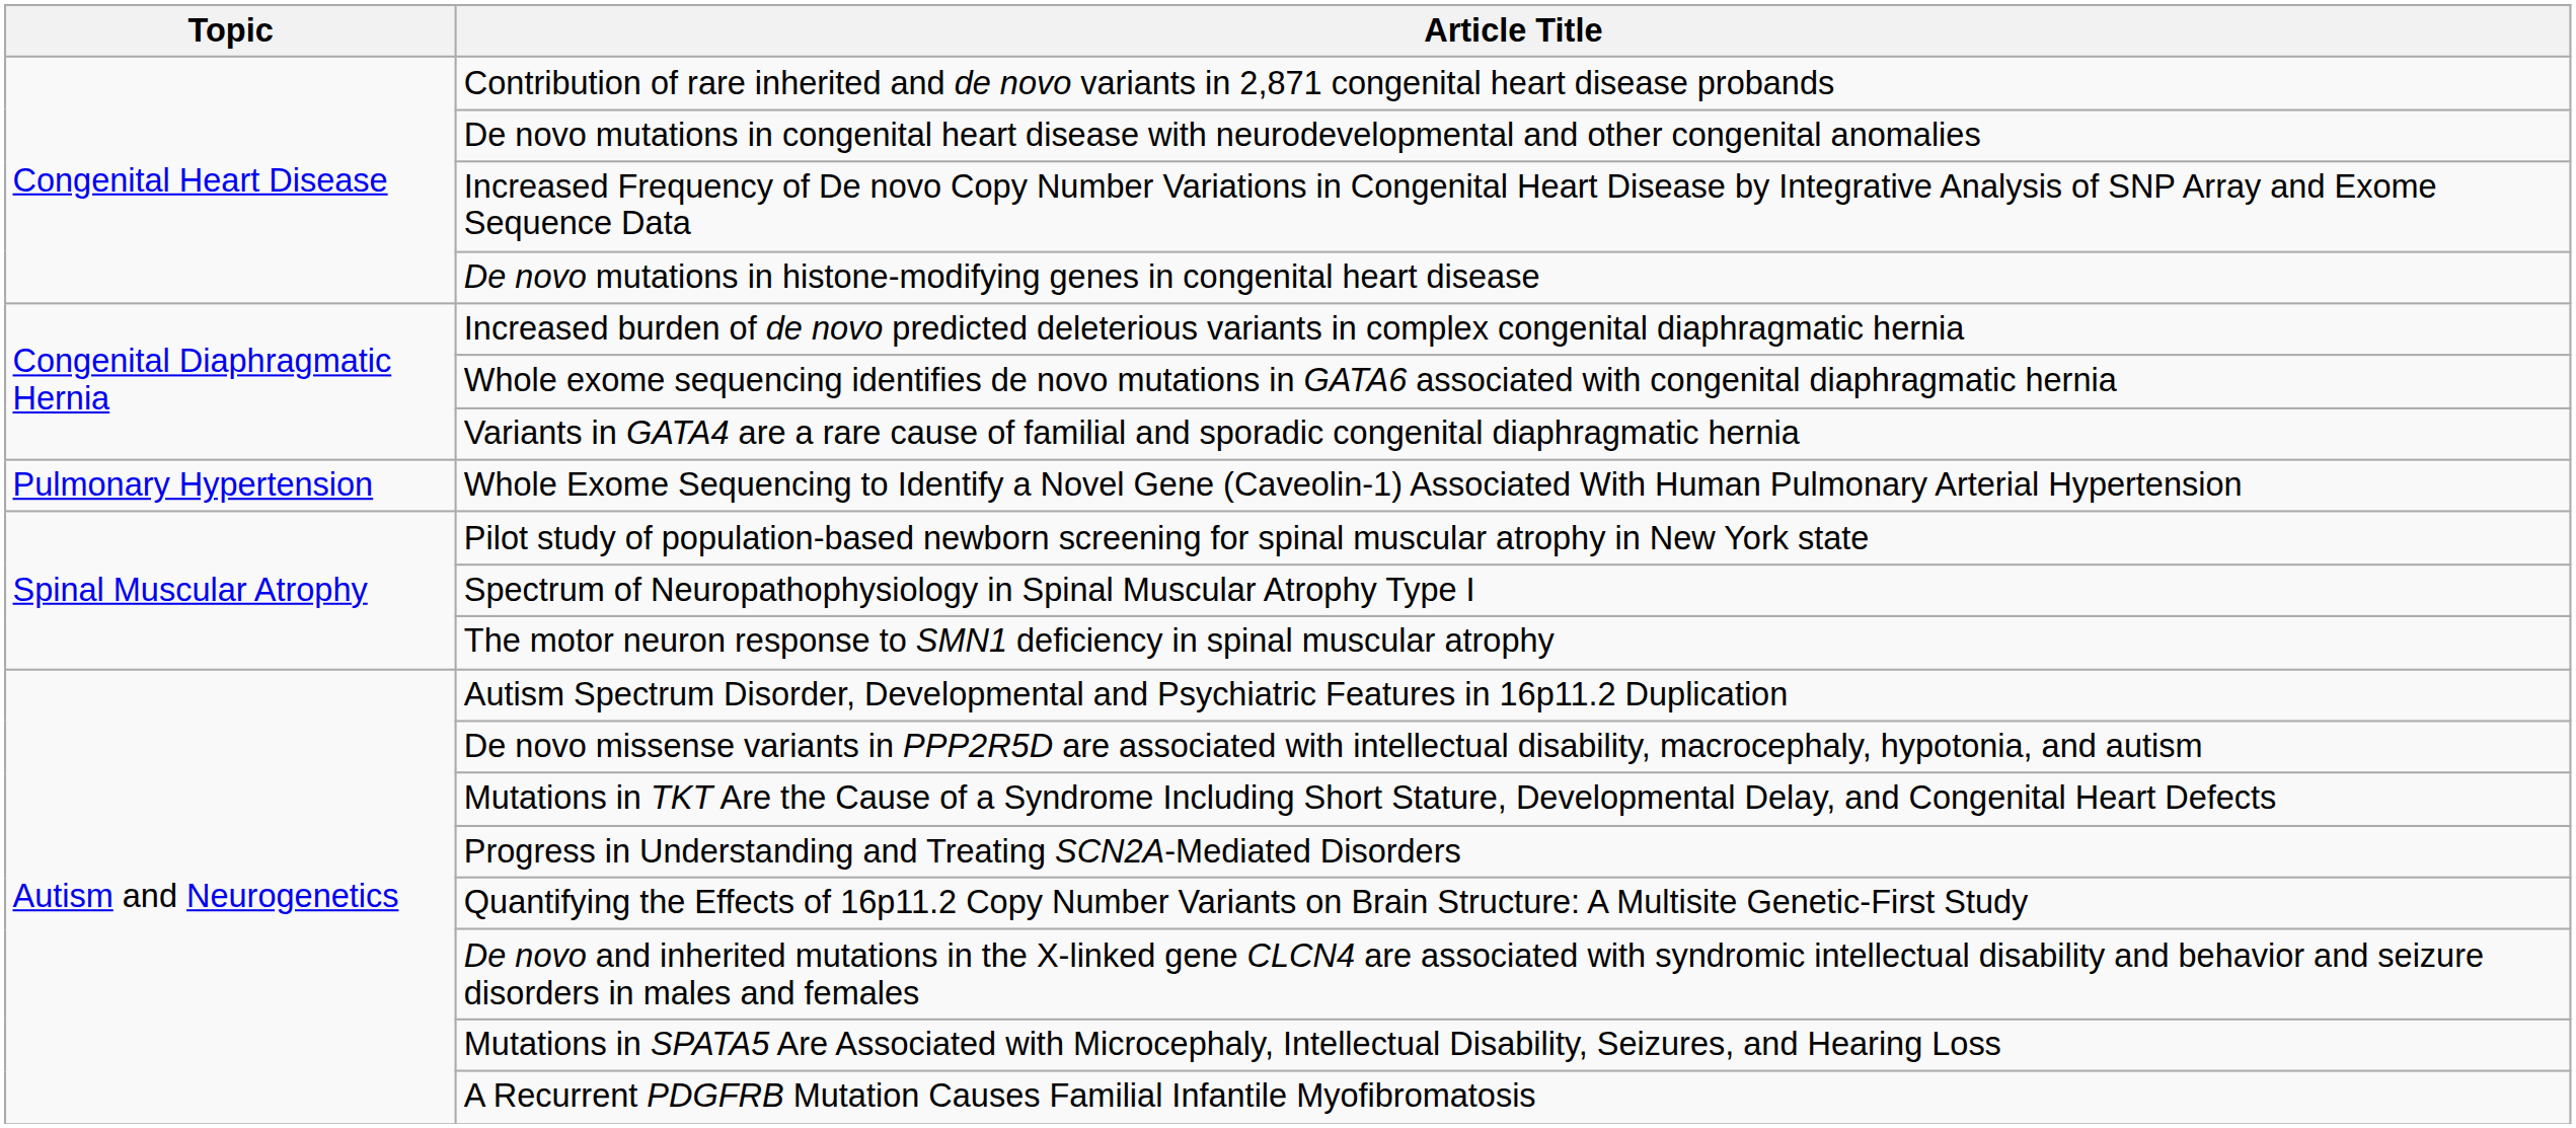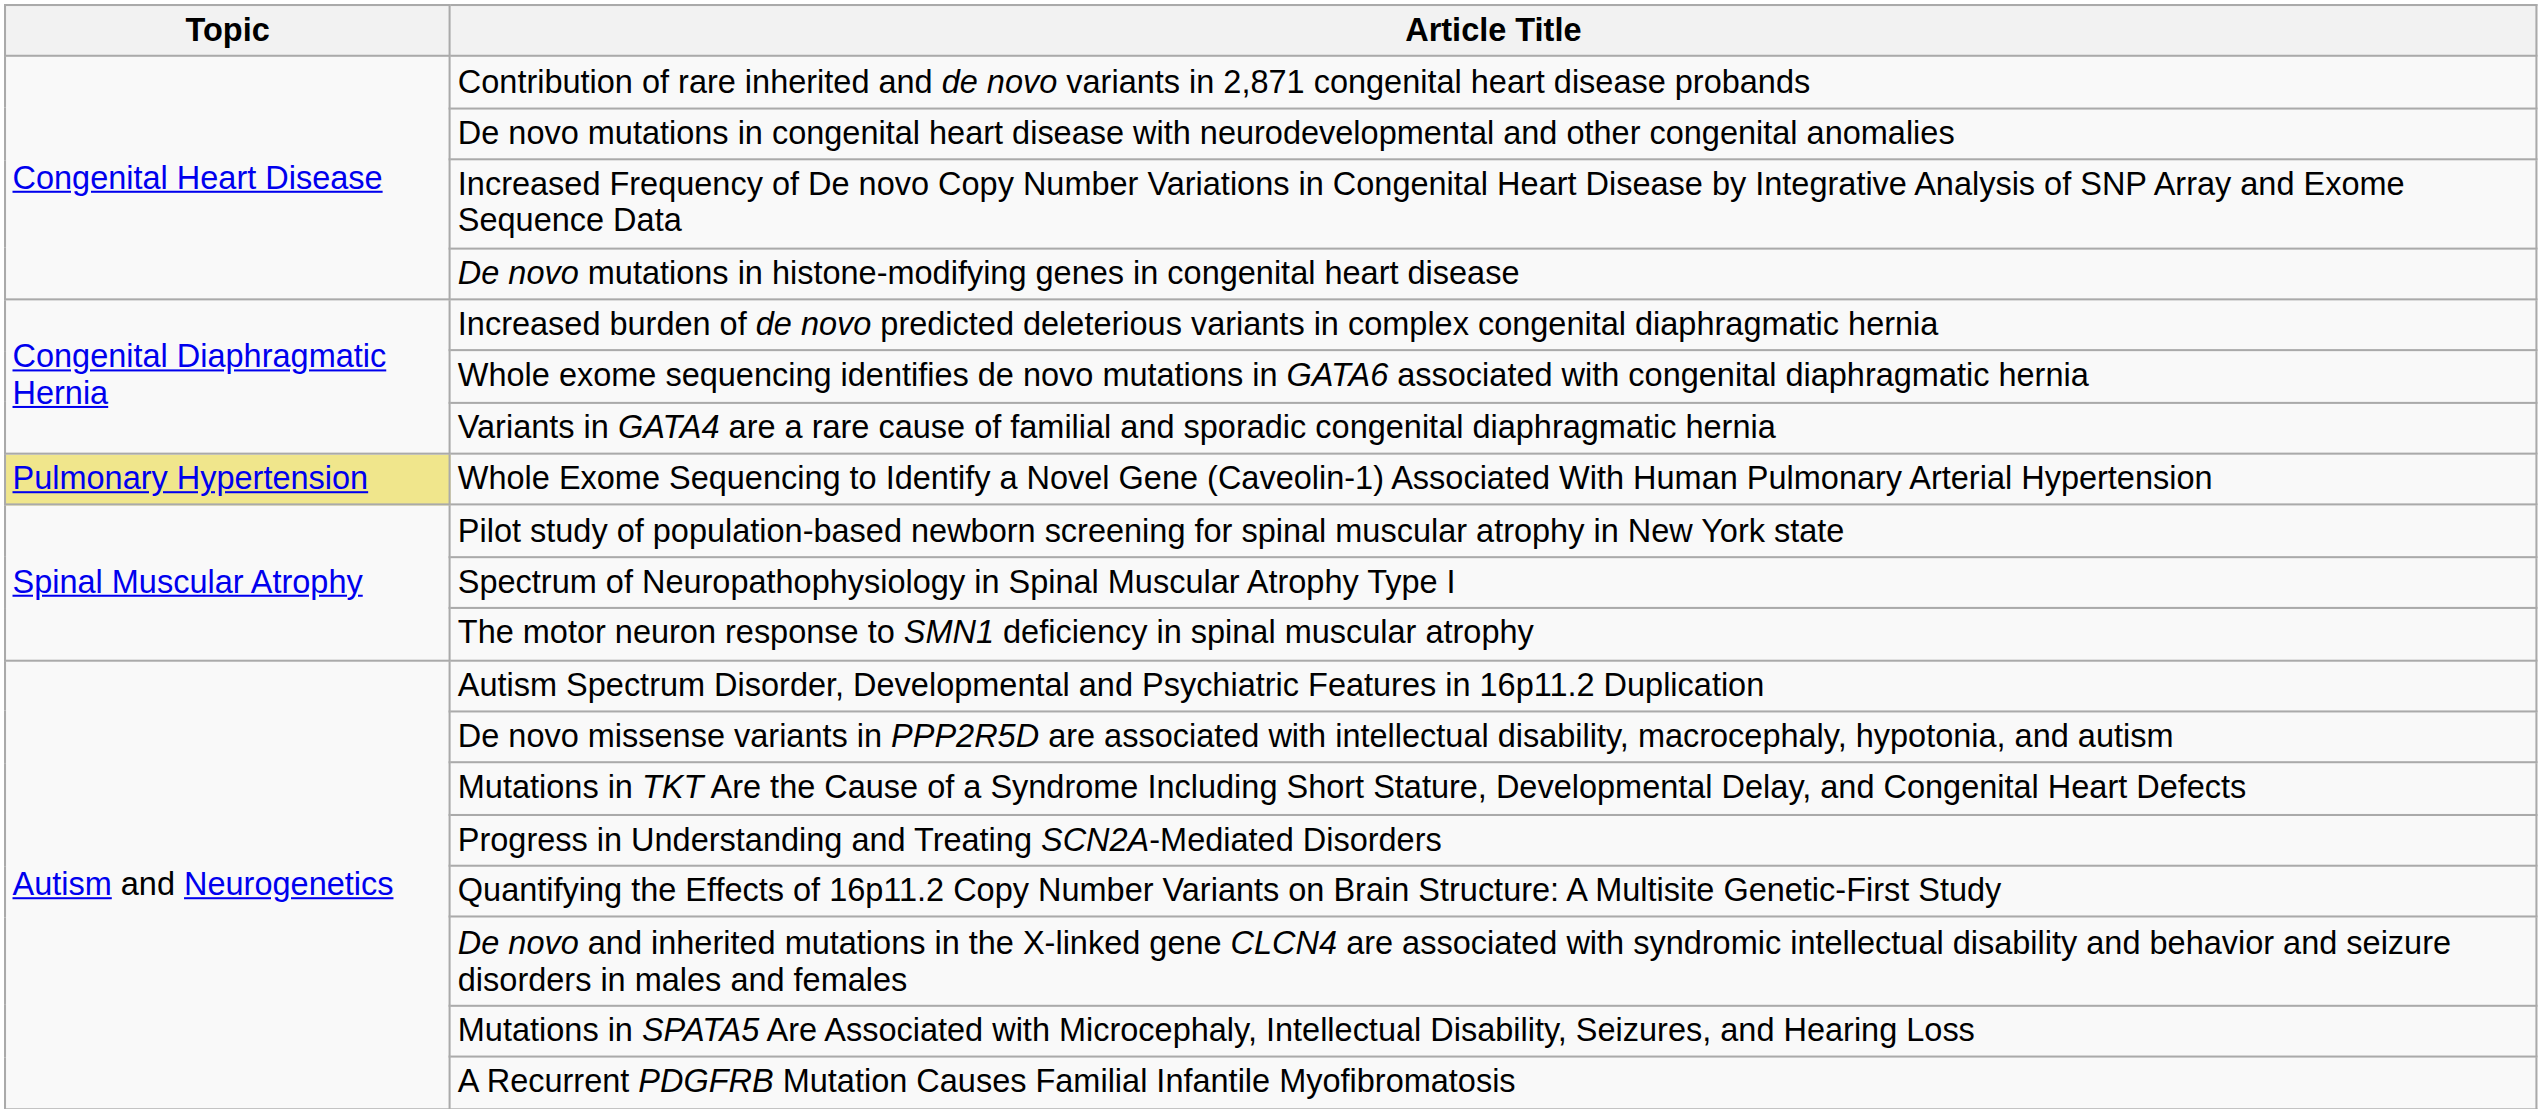 <table class="wikitable">
 <tr>
 <th>Topic</th>
 <th>Article Title</th>
 </tr>
 <tr>
 <td rowspan=4><a href='#'>Congenital Heart Disease</a></td>
 <td>Contribution of rare inherited and <em>de novo</em> variants in 2,871 congenital heart disease probands</td>
 </tr>
 <tr>
 <td>De novo mutations in congenital heart disease with neurodevelopmental and other congenital anomalies</td>
 </tr>
 <tr>
 <td>Increased Frequency of De novo Copy Number Variations in Congenital Heart Disease by Integrative Analysis of SNP Array and Exome Sequence Data </td>
 </tr>
 <tr>
 <td><em>De novo</em> mutations in histone-modifying genes in congenital heart disease</td>
 </tr>
 <tr>
 <td rowspan=3><a href='#'>Congenital Diaphragmatic Hernia</a></td>
 <td>Increased burden of <em>de novo</em> predicted deleterious variants in complex congenital diaphragmatic hernia</td>
 </tr>
 <tr>
 <td>Whole exome sequencing identifies de novo mutations in <em>GATA6</em> associated with congenital diaphragmatic hernia</td>
 </tr>
 <tr>
 <td>Variants in <em>GATA4</em> are a rare cause of familial and sporadic congenital diaphragmatic hernia</td>
 </tr>
 <tr>
-<td><a href='#'>Pulmonary Hypertension</a></td>
+<td style="background: khaki;"><a href='#'>Pulmonary Hypertension</a></td>
 <td>Whole Exome Sequencing to Identify a Novel Gene (Caveolin-1) Associated With Human Pulmonary Arterial Hypertension</td>
 </tr>
 <tr>
 <td rowspan=3><a href='#'>Spinal Muscular Atrophy</a></td>
 <td>Pilot study of population-based newborn screening for spinal muscular atrophy in New York state</td>
 </tr>
 <tr>
 <td>Spectrum of Neuropathophysiology in Spinal Muscular Atrophy Type I</td>
 </tr>
 <tr>
 <td>The motor neuron response to <em>SMN1</em> deficiency in spinal muscular atrophy</td>
 </tr>
 <tr>
 <td rowspan=8><a href='#'>Autism</a> and <a href='#'>Neurogenetics</a></td>
 <td>Autism Spectrum Disorder, Developmental and Psychiatric Features in 16p11.2 Duplication </td>
 </tr>
 <tr>
 <td>De novo missense variants in <em>PPP2R5D</em> are associated with intellectual disability, macrocephaly, hypotonia, and autism</td>
 </tr>
 <tr>
 <td>Mutations in <em>TKT</em> Are the Cause of a Syndrome Including Short Stature, Developmental Delay, and Congenital Heart Defects</td>
 </tr>
 <tr>
 <td>Progress in Understanding and Treating <em>SCN2A</em>-Mediated Disorders</td>
 </tr>
 <tr>
 <td>Quantifying the Effects of 16p11.2 Copy Number Variants on Brain Structure: A Multisite Genetic-First Study</td>
 </tr>
 <tr>
 <td><em>De novo</em> and inherited mutations in the X-linked gene <em>CLCN4</em> are associated with syndromic intellectual disability and behavior and seizure disorders in males and females</td>
 </tr>
 <tr>
 <td>Mutations in <em>SPATA5</em> Are Associated with Microcephaly, Intellectual Disability, Seizures, and Hearing Loss</td>
 </tr>
 <tr>
 <td>A Recurrent <em>PDGFRB</em> Mutation Causes Familial Infantile Myofibromatosis</td>
 </tr>
 </table>
